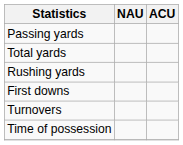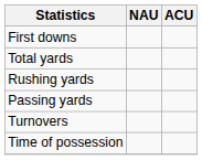 <table class="wikitable" style="float: left;">
 <tr>
 <th>Statistics</th>
 <th>NAU</th>
 <th>ACU</th>
 </tr>
 <tr>
-<td>Passing yards</td>
+<td>First downs</td>
 <td></td>
 <td></td>
 </tr>
 <tr>
 <td>Total yards</td>
 <td></td>
 <td></td>
 </tr>
 <tr>
 <td>Rushing yards</td>
 <td></td>
 <td></td>
 </tr>
 <tr>
-<td>First downs</td>
+<td>Passing yards</td>
 <td></td>
 <td></td>
 </tr>
 <tr>
 <td>Turnovers</td>
 <td></td>
 <td></td>
 </tr>
 <tr>
 <td>Time of possession</td>
 <td></td>
 <td></td>
 </tr>
 <tr>
 </tr>
 </table>
